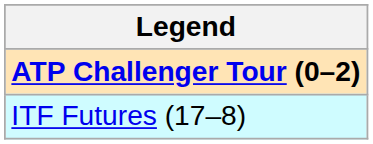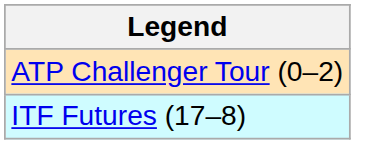 <table class=wikitable>
 <tr>
 <th>Legend</th>
 </tr>
 <tr style="background:moccasin;">
-<td><strong><a href='#'>ATP Challenger Tour</a> (0–2)</strong></td>
+<td><a href='#'>ATP Challenger Tour</a> (0–2)</td>
 </tr>
 <tr style="background:#cffcff;">
 <td><a href='#'>ITF Futures</a> (17–8)</td>
 </tr>
 </table>
